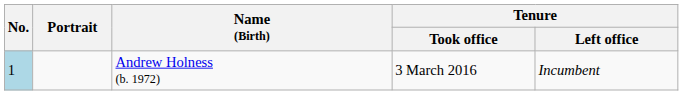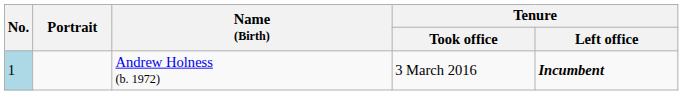 <table class="wikitable">
 <tr>
 <th scope="col" style="width:20px;" rowspan="2">No.</th>
 <th scope="col" style="width:80px;" rowspan="2">Portrait</th>
 <th scope="col" style="width:300px;" rowspan="2">Name<br><small>(Birth)</small></th>
 <th scope="col" style="width:300px;" colspan="2">Tenure</th>
 </tr>
 <tr>
 <th scope="col" style="width:150px;">Took office</th>
 <th scope="col" style="width:150px;">Left office</th>
 </tr>
 <tr>
 <td style="background: lightblue;">1</td>
 <td style="text-align: center;"></td>
 <td><a href='#'>Andrew Holness</a><br><small>(b. 1972)</small></td>
 <td>3 March 2016</td>
-<td><em>Incumbent</em></td>
+<td><strong><em>Incumbent</em></strong></td>
 </tr>
 </table>
